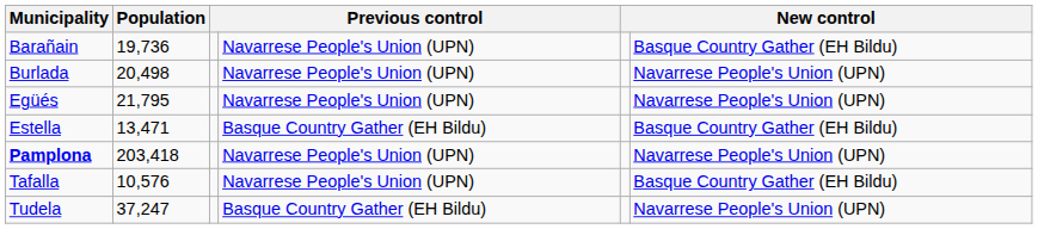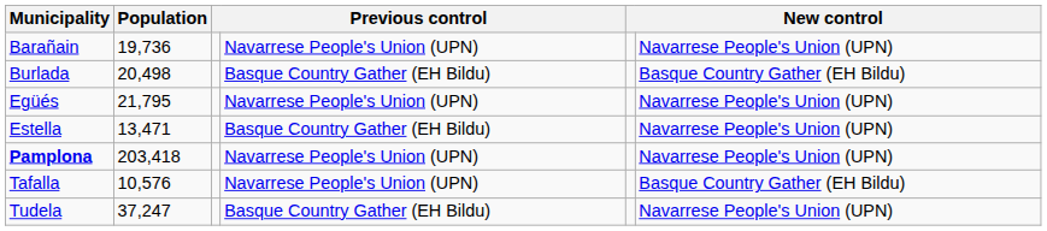 <table class="wikitable sortable">
 <tr>
 <th>Municipality</th>
 <th>Population</th>
 <th colspan="2" style="width:375px;">Previous control</th>
 <th colspan="2" style="width:375px;">New control</th>
 </tr>
 <tr>
 <td><a href='#'>Barañain</a></td>
 <td>19,736</td>
 <td width="1" style="color:inherit;background:"></td>
 <td><a href='#'>Navarrese People's Union</a> (UPN)</td>
 <td width="1" style="color:inherit;background:"></td>
-<td><a href='#'>Basque Country Gather</a> (EH Bildu)</td>
+<td><a href='#'>Navarrese People's Union</a> (UPN)</td>
 </tr>
 <tr>
 <td><a href='#'>Burlada</a></td>
 <td>20,498</td>
 <td style="color:inherit;background:"></td>
-<td><a href='#'>Navarrese People's Union</a> (UPN)</td>
+<td><a href='#'>Basque Country Gather</a> (EH Bildu)</td>
 <td style="color:inherit;background:"></td>
-<td><a href='#'>Navarrese People's Union</a> (UPN)</td>
+<td><a href='#'>Basque Country Gather</a> (EH Bildu)</td>
 </tr>
 <tr>
 <td><a href='#'>Egüés</a></td>
 <td>21,795</td>
 <td style="color:inherit;background:"></td>
 <td><a href='#'>Navarrese People's Union</a> (UPN)</td>
 <td style="color:inherit;background:"></td>
 <td><a href='#'>Navarrese People's Union</a> (UPN)</td>
 </tr>
 <tr>
 <td><a href='#'>Estella</a></td>
 <td>13,471</td>
 <td style="color:inherit;background:"></td>
 <td><a href='#'>Basque Country Gather</a> (EH Bildu)</td>
 <td style="color:inherit;background:"></td>
-<td><a href='#'>Basque Country Gather</a> (EH Bildu)</td>
+<td><a href='#'>Navarrese People's Union</a> (UPN)</td>
 </tr>
 <tr>
 <td><strong><a href='#'>Pamplona</a></strong></td>
 <td>203,418</td>
 <td style="color:inherit;background:"></td>
 <td><a href='#'>Navarrese People's Union</a> (UPN)</td>
 <td style="color:inherit;background:"></td>
 <td><a href='#'>Navarrese People's Union</a> (UPN) </td>
 </tr>
 <tr>
 <td><a href='#'>Tafalla</a></td>
 <td>10,576</td>
 <td style="color:inherit;background:"></td>
 <td><a href='#'>Navarrese People's Union</a> (UPN)</td>
 <td style="color:inherit;background:"></td>
 <td><a href='#'>Basque Country Gather</a> (EH Bildu)</td>
 </tr>
 <tr>
 <td><a href='#'>Tudela</a></td>
 <td>37,247</td>
 <td style="color:inherit;background:"></td>
 <td><a href='#'>Basque Country Gather</a> (EH Bildu)</td>
 <td style="color:inherit;background:"></td>
 <td><a href='#'>Navarrese People's Union</a> (UPN)</td>
 </tr>
 </table>
